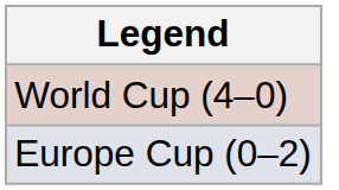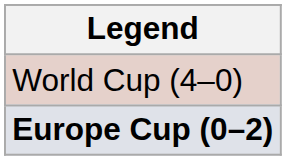 <table class="wikitable">
 <tr>
 <th>Legend</th>
 </tr>
 <tr style="background:#e5d1cb;">
 <td>World Cup (4–0)</td>
 </tr>
 <tr style="background:#dfe2e9;">
-<td>Europe Cup (0–2)</td>
+<td><strong>Europe Cup (0–2)</strong></td>
 </tr>
 </table>
